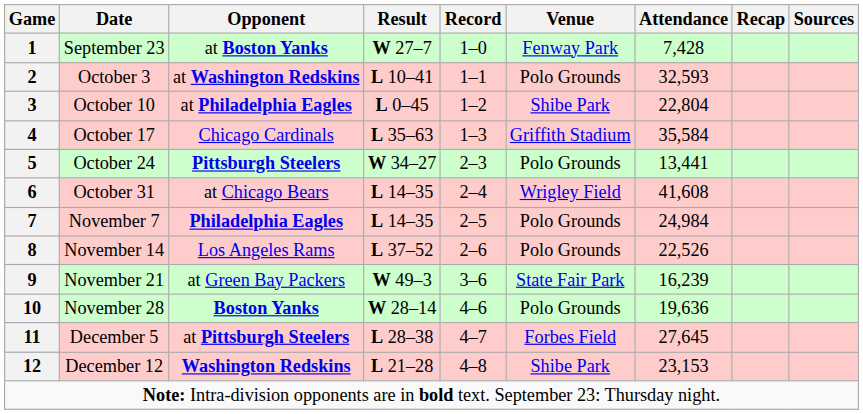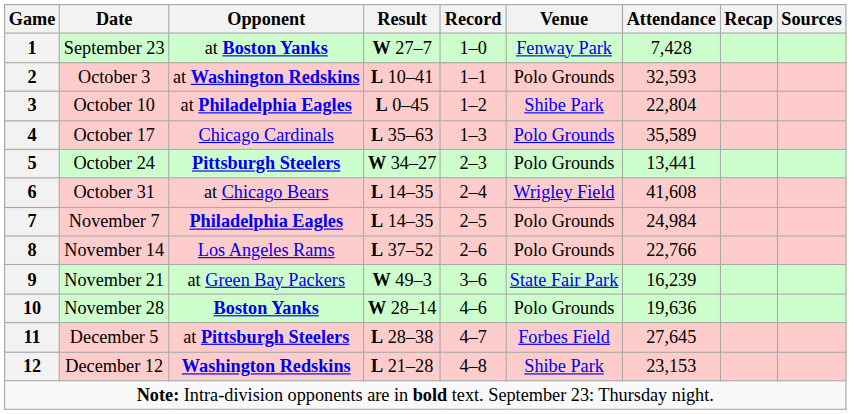 <table class="wikitable" style="text-align:center">
 <tr>
 <th>Game</th>
 <th>Date</th>
 <th>Opponent</th>
 <th>Result</th>
 <th>Record</th>
 <th>Venue</th>
 <th>Attendance</th>
 <th>Recap</th>
 <th>Sources</th>
 </tr>
 <tr style="background:#cfc">
 <th>1</th>
 <td>September 23</td>
 <td>at <strong><a href='#'>Boston Yanks</a></strong></td>
 <td><strong>W</strong> 27–7</td>
 <td>1–0</td>
 <td><a href='#'>Fenway Park</a></td>
 <td>7,428</td>
 <td></td>
 <td></td>
 </tr>
 <tr style="background:#fcc">
 <th>2</th>
 <td>October 3</td>
 <td>at <strong><a href='#'>Washington Redskins</a></strong></td>
 <td><strong>L</strong> 10–41</td>
 <td>1–1</td>
 <td>Polo Grounds</td>
 <td>32,593</td>
 <td></td>
 <td></td>
 </tr>
 <tr style="background:#fcc">
 <th>3</th>
 <td>October 10</td>
 <td>at <strong><a href='#'>Philadelphia Eagles</a></strong></td>
 <td><strong>L</strong> 0–45</td>
 <td>1–2</td>
 <td><a href='#'>Shibe Park</a></td>
 <td>22,804</td>
 <td></td>
 <td></td>
 </tr>
 <tr style="background:#fcc">
 <th>4</th>
 <td>October 17</td>
 <td><a href='#'>Chicago Cardinals</a></td>
 <td><strong>L</strong> 35–63</td>
 <td>1–3</td>
-<td><a href='#'>Griffith Stadium</a></td>
-<td>35,584</td>
+<td><a href='#'>Polo Grounds</a></td>
+<td>35,589</td>
 <td></td>
 <td></td>
 </tr>
 <tr style="background:#cfc">
 <th>5</th>
 <td>October 24</td>
 <td><strong><a href='#'>Pittsburgh Steelers</a></strong></td>
 <td><strong>W</strong> 34–27</td>
 <td>2–3</td>
 <td>Polo Grounds</td>
 <td>13,441</td>
 <td></td>
 <td></td>
 </tr>
 <tr style="background:#fcc">
 <th>6</th>
 <td>October 31</td>
 <td>at <a href='#'>Chicago Bears</a></td>
 <td><strong>L</strong> 14–35</td>
 <td>2–4</td>
 <td><a href='#'>Wrigley Field</a></td>
 <td>41,608</td>
 <td></td>
 <td></td>
 </tr>
 <tr style="background:#fcc">
 <th>7</th>
 <td>November 7</td>
 <td><strong><a href='#'>Philadelphia Eagles</a></strong></td>
 <td><strong>L</strong> 14–35</td>
 <td>2–5</td>
 <td>Polo Grounds</td>
 <td>24,984</td>
 <td></td>
 <td></td>
 </tr>
 <tr style="background:#fcc">
 <th>8</th>
 <td>November 14</td>
 <td><a href='#'>Los Angeles Rams</a></td>
 <td><strong>L</strong> 37–52</td>
 <td>2–6</td>
 <td>Polo Grounds</td>
-<td>22,526</td>
+<td>22,766</td>
 <td></td>
 <td></td>
 </tr>
 <tr style="background:#cfc">
 <th>9</th>
 <td>November 21</td>
 <td>at <a href='#'>Green Bay Packers</a></td>
 <td><strong>W</strong> 49–3</td>
 <td>3–6</td>
 <td><a href='#'>State Fair Park</a></td>
 <td>16,239</td>
 <td></td>
 <td></td>
 </tr>
 <tr style="background:#cfc">
 <th>10</th>
 <td>November 28</td>
 <td><strong><a href='#'>Boston Yanks</a></strong></td>
 <td><strong>W</strong> 28–14</td>
 <td>4–6</td>
 <td>Polo Grounds</td>
 <td>19,636</td>
 <td></td>
 <td></td>
 </tr>
 <tr style="background:#fcc">
 <th>11</th>
 <td>December 5</td>
 <td>at <strong><a href='#'>Pittsburgh Steelers</a></strong></td>
 <td><strong>L</strong> 28–38</td>
 <td>4–7</td>
 <td><a href='#'>Forbes Field</a></td>
 <td>27,645</td>
 <td></td>
 <td></td>
 </tr>
 <tr style="background:#fcc">
 <th>12</th>
 <td>December 12</td>
 <td><strong><a href='#'>Washington Redskins</a></strong></td>
 <td><strong>L</strong> 21–28</td>
 <td>4–8</td>
 <td><a href='#'>Shibe Park</a></td>
 <td>23,153</td>
 <td></td>
 <td></td>
 </tr>
 <tr>
 <td colspan="10"><strong>Note:</strong> Intra-division opponents are in <strong>bold</strong> text. September 23: Thursday night.</td>
 </tr>
 </table>
